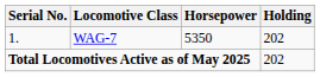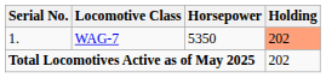 <table class="wikitable">
 <tr>
 <th>Serial No.</th>
 <th>Locomotive Class</th>
 <th>Horsepower</th>
 <th>Holding</th>
 </tr>
 <tr>
 <td>1.</td>
 <td><a href='#'>WAG-7</a></td>
 <td>5350</td>
-<td>202</td>
+<td style="background: lightsalmon;">202</td>
 </tr>
 <tr>
 <td colspan="3"><strong>Total Locomotives Active as of May 2025</strong></td>
 <td>202</td>
 </tr>
 </table>
